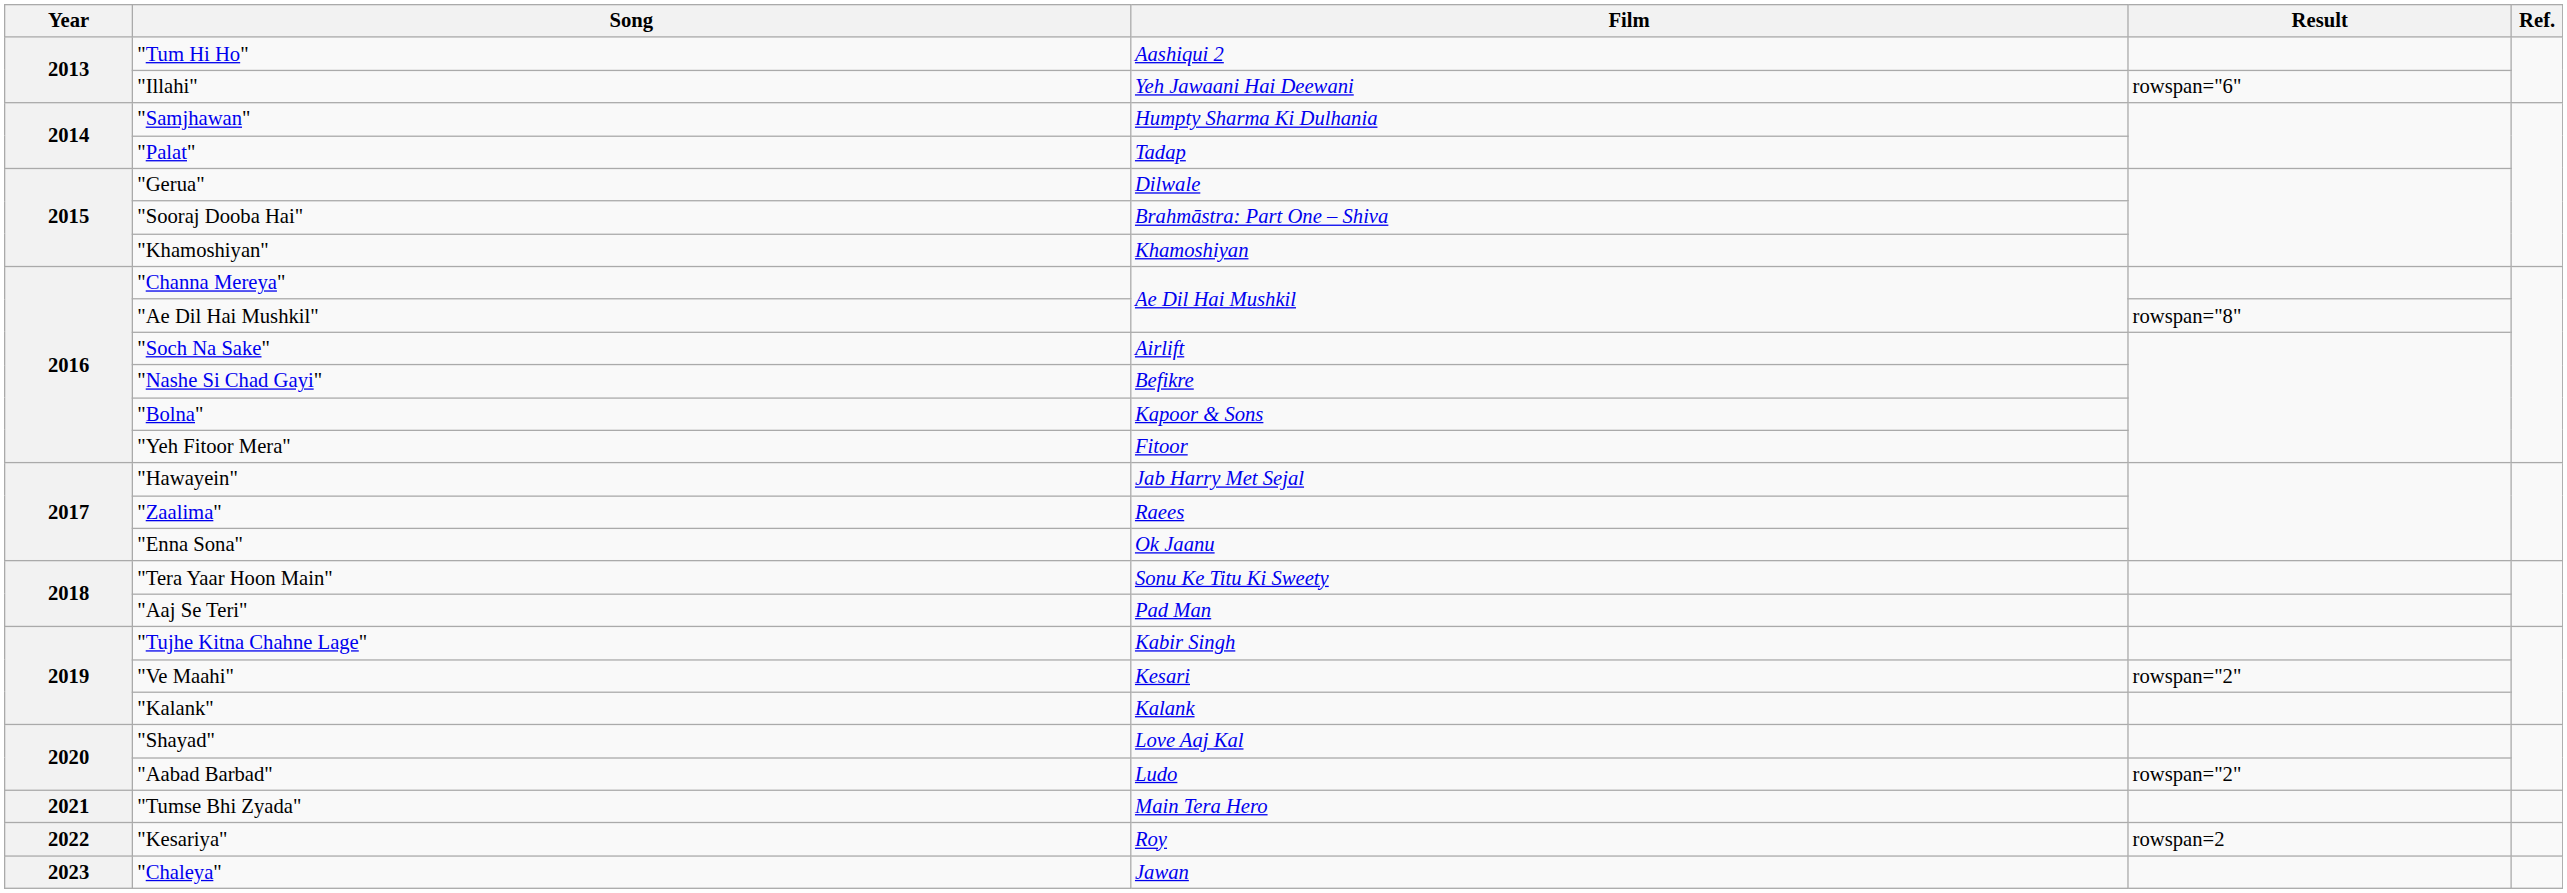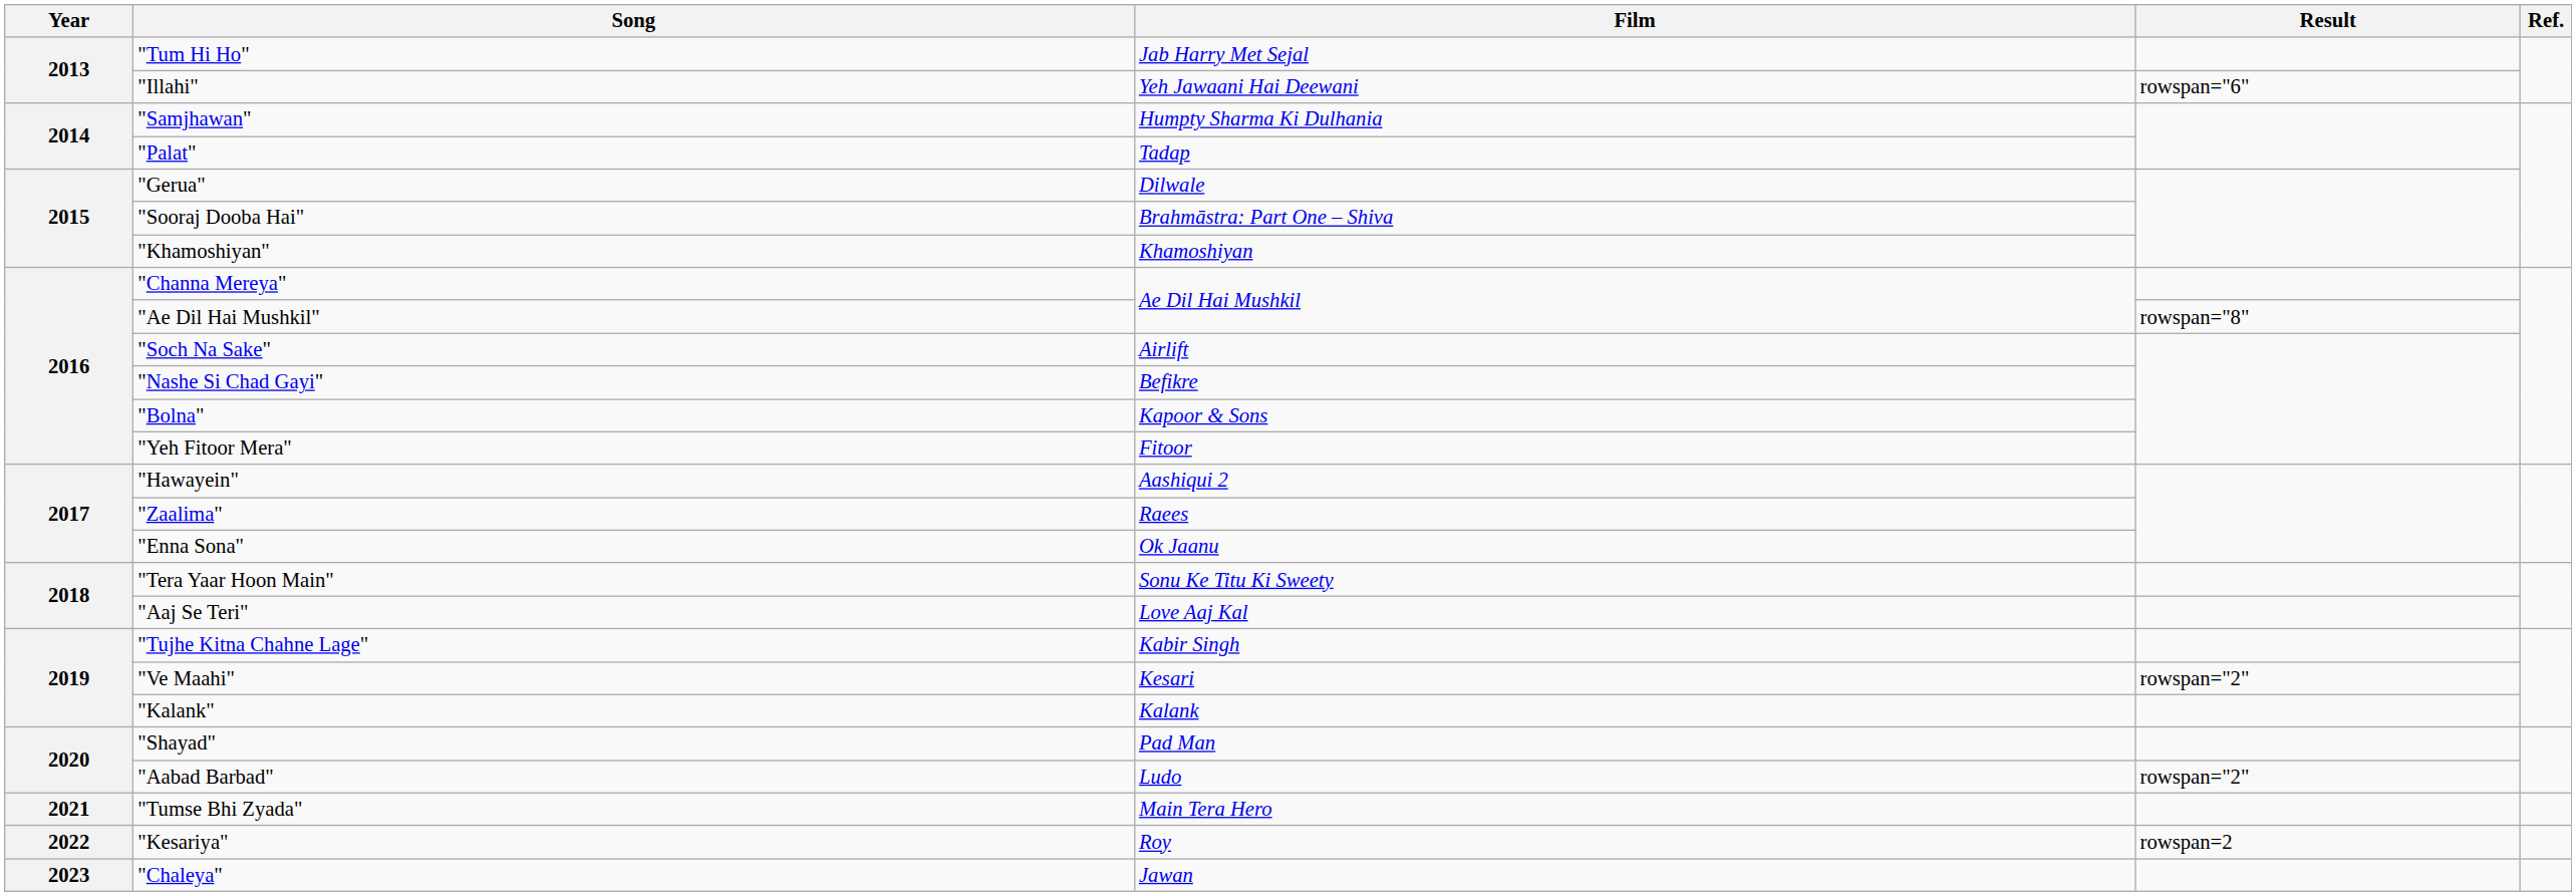 <table class="wikitable plainrowheaders" width="100%" textcolor:#000;">
 <tr>
 <th scope="col" width=5%><strong>Year</strong></th>
 <th scope="col" width=39%><strong>Song</strong></th>
 <th scope="col" width=39%><strong>Film</strong></th>
 <th scope="col" width=15%><strong>Result</strong></th>
 <th scope="col" width=2%><strong>Ref.</strong></th>
 </tr>
 <tr>
 <th scope="row" rowspan="2">2013</th>
 <td>"<a href='#'>Tum Hi Ho</a>"</td>
-<td><em><a href='#'>Aashiqui 2</a></em></td>
+<td><em><a href='#'>Jab Harry Met Sejal</a></em></td>
 <td></td>
 <td rowspan="2"></td>
 </tr>
 <tr>
 <td>"Illahi"</td>
 <td><em><a href='#'>Yeh Jawaani Hai Deewani</a></em></td>
 <td>rowspan="6" </td>
 </tr>
 <tr>
 <th scope="row" rowspan="2">2014</th>
 <td>"<a href='#'>Samjhawan</a>"</td>
 <td><em><a href='#'>Humpty Sharma Ki Dulhania</a></em></td>
 <td rowspan="2"></td>
 </tr>
 <tr>
 <td>"<a href='#'>Palat</a>"</td>
 <td><em><a href='#'>Tadap</a></em></td>
 </tr>
 <tr>
 <th scope="row" rowspan="3">2015</th>
 <td>"Gerua"</td>
 <td><em><a href='#'>Dilwale</a></em></td>
 <td rowspan="3"></td>
 </tr>
 <tr>
 <td>"Sooraj Dooba Hai"</td>
 <td><em><a href='#'>Brahmāstra: Part One – Shiva</a></em></td>
 </tr>
 <tr>
 <td>"Khamoshiyan"</td>
 <td><em><a href='#'>Khamoshiyan</a></em></td>
 </tr>
 <tr>
 <th scope="row" rowspan="6">2016</th>
 <td>"<a href='#'>Channa Mereya</a>"</td>
 <td rowspan="2"><em><a href='#'>Ae Dil Hai Mushkil</a></em></td>
 <td></td>
 <td rowspan="6"></td>
 </tr>
 <tr>
 <td>"Ae Dil Hai Mushkil"</td>
 <td>rowspan="8" </td>
 </tr>
 <tr>
 <td>"<a href='#'>Soch Na Sake</a>"</td>
 <td><em><a href='#'>Airlift</a></em></td>
 </tr>
 <tr>
 <td>"<a href='#'>Nashe Si Chad Gayi</a>"</td>
 <td><em><a href='#'>Befikre</a></em></td>
 </tr>
 <tr>
 <td>"<a href='#'>Bolna</a>"</td>
 <td><em><a href='#'>Kapoor & Sons</a></em></td>
 </tr>
 <tr>
 <td>"Yeh Fitoor Mera"</td>
 <td><em><a href='#'>Fitoor</a></em></td>
 </tr>
 <tr>
 <th scope="row" rowspan="3">2017</th>
 <td>"Hawayein"</td>
-<td><em><a href='#'>Jab Harry Met Sejal</a></em></td>
+<td><em><a href='#'>Aashiqui 2</a></em></td>
 <td rowspan="3"></td>
 </tr>
 <tr>
 <td>"<a href='#'>Zaalima</a>"</td>
 <td><em><a href='#'>Raees</a></em></td>
 </tr>
 <tr>
 <td>"Enna Sona"</td>
 <td><em><a href='#'>Ok Jaanu</a></em></td>
 </tr>
 <tr>
 <th scope="row" rowspan="2">2018</th>
 <td>"Tera Yaar Hoon Main"</td>
 <td><em><a href='#'>Sonu Ke Titu Ki Sweety</a></em></td>
 <td></td>
 <td rowspan="2"></td>
 </tr>
 <tr>
 <td>"Aaj Se Teri"</td>
-<td><em><a href='#'>Pad Man</a></em></td>
+<td><em><a href='#'>Love Aaj Kal</a></em></td>
 <td></td>
 </tr>
 <tr>
 <th scope="row" rowspan="3">2019</th>
 <td>"<a href='#'>Tujhe Kitna Chahne Lage</a>"</td>
 <td><em><a href='#'>Kabir Singh</a></em></td>
 <td></td>
 <td rowspan="3"></td>
 </tr>
 <tr>
 <td>"Ve Maahi"</td>
 <td><em><a href='#'>Kesari</a></em></td>
 <td>rowspan="2" </td>
 </tr>
 <tr>
 <td>"Kalank"</td>
 <td><em><a href='#'>Kalank</a></em></td>
 </tr>
 <tr>
 <th scope="row" rowspan="2">2020</th>
 <td>"Shayad"</td>
-<td><em><a href='#'>Love Aaj Kal</a></em></td>
+<td><em><a href='#'>Pad Man</a></em></td>
 <td></td>
 <td rowspan="2"></td>
 </tr>
 <tr>
 <td>"Aabad Barbad"</td>
 <td><em><a href='#'>Ludo</a></em></td>
 <td>rowspan="2" </td>
 </tr>
 <tr>
 <th scope="row">2021</th>
 <td>"Tumse Bhi Zyada"</td>
 <td><em><a href='#'>Main Tera Hero</a></em></td>
 <td></td>
 </tr>
 <tr>
 <th scope="row">2022</th>
 <td>"Kesariya"</td>
 <td><em><a href='#'>Roy</a></em></td>
 <td>rowspan=2 </td>
 <td></td>
 </tr>
 <tr>
 <th scope="row">2023</th>
 <td>"<a href='#'>Chaleya</a>"</td>
 <td><em><a href='#'>Jawan</a></em></td>
 <td></td>
 </tr>
 </table>
